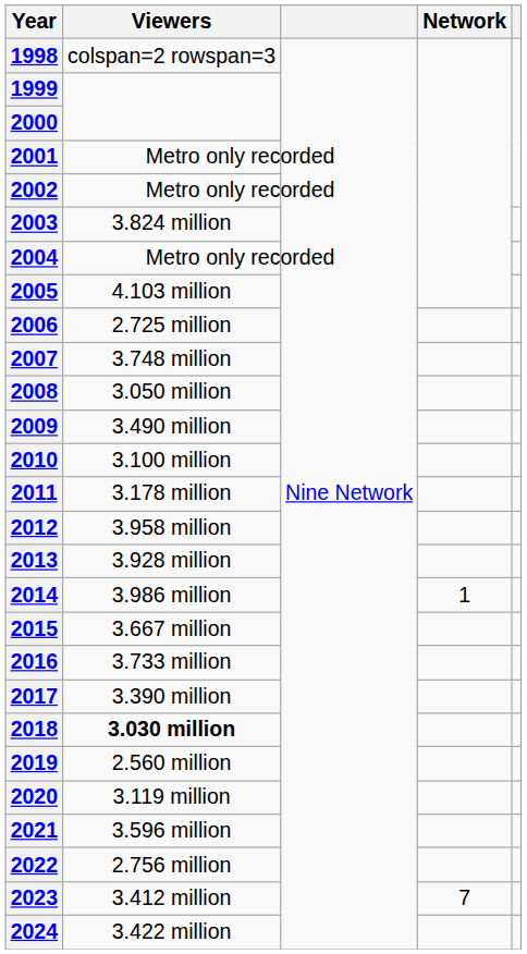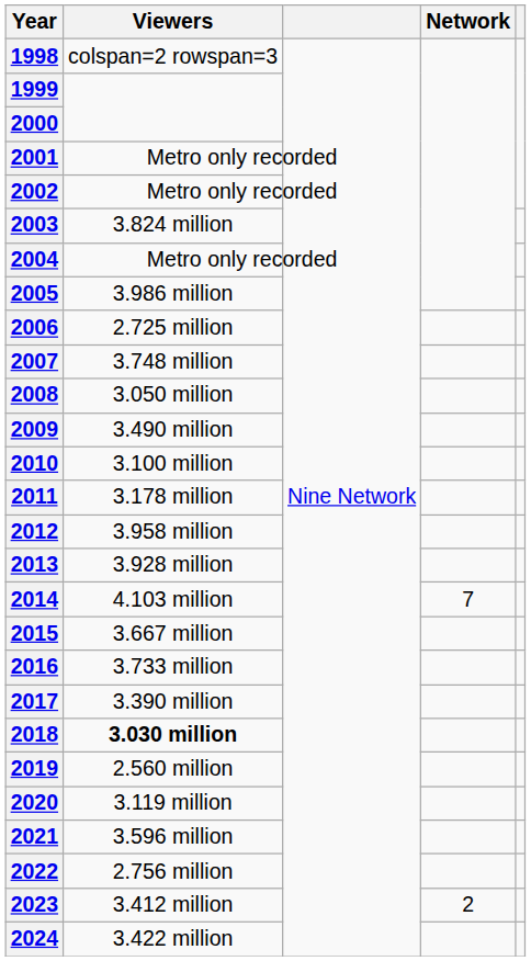 <table class="wikitable plainrowheaders sortable" style="text-align:center; margin:1em;">
 <tr>
 <th>Year</th>
 <th>Viewers</th>
 <th></th>
 <th>Network</th>
 <th></th>
 </tr>
 <tr>
 <th scope="row" style="text-align:center;"><a href='#'>1998</a></th>
 <td>colspan=2 rowspan=3 </td>
 <td rowspan="27"><a href='#'>Nine Network</a></td>
 <td rowspan="8"></td>
 </tr>
 <tr>
 <th scope="row" style="text-align:center;"><a href='#'>1999</a></th>
 </tr>
 <tr>
 <th scope="row" style="text-align:center;"><a href='#'>2000</a></th>
 </tr>
 <tr>
 <th scope="row" style="text-align:center;"><a href='#'>2001</a></th>
 <td colspan="2">Metro only recorded</td>
 </tr>
 <tr>
 <th scope="row" style="text-align:center;"><a href='#'>2002</a></th>
 <td colspan="2">Metro only recorded</td>
 </tr>
 <tr>
 <th scope="row" style="text-align:center;"><a href='#'>2003</a></th>
 <td>3.824 million</td>
 <td></td>
 </tr>
 <tr>
 <th scope="row" style="text-align:center;"><a href='#'>2004</a></th>
 <td colspan="2">Metro only recorded</td>
 </tr>
 <tr>
 <th scope="row" style="text-align:center;"><a href='#'>2005</a></th>
-<td>4.103 million</td>
+<td>3.986 million</td>
 <td></td>
 </tr>
 <tr>
 <th scope="row" style="text-align:center;"><a href='#'>2006</a></th>
 <td>2.725 million</td>
 <td></td>
 <td></td>
 </tr>
 <tr>
 <th scope="row" style="text-align:center;"><a href='#'>2007</a></th>
 <td>3.748 million</td>
 <td></td>
 <td></td>
 </tr>
 <tr>
 <th scope="row" style="text-align:center;"><a href='#'>2008</a></th>
 <td>3.050 million</td>
 <td></td>
 <td></td>
 </tr>
 <tr>
 <th scope="row" style="text-align:center;"><a href='#'>2009</a></th>
 <td>3.490 million</td>
 <td></td>
 <td></td>
 </tr>
 <tr>
 <th scope="row" style="text-align:center;"><a href='#'>2010</a></th>
 <td>3.100 million</td>
 <td></td>
 <td></td>
 </tr>
 <tr>
 <th scope="row" style="text-align:center;"><a href='#'>2011</a></th>
 <td>3.178 million</td>
 <td></td>
 <td></td>
 </tr>
 <tr>
 <th scope="row" style="text-align:center;"><a href='#'>2012</a></th>
 <td>3.958 million</td>
 <td></td>
 <td></td>
 </tr>
 <tr>
 <th scope="row" style="text-align:center;"><a href='#'>2013</a></th>
 <td>3.928 million</td>
 <td></td>
 <td></td>
 </tr>
 <tr>
 <th scope="row" style="text-align:center;"><a href='#'>2014</a></th>
-<td>3.986 million</td>
-<td>1</td>
+<td>4.103 million</td>
+<td>7</td>
 <td></td>
 </tr>
 <tr>
 <th scope="row" style="text-align:center;"><a href='#'>2015</a></th>
 <td>3.667 million</td>
 <td></td>
 <td></td>
 </tr>
 <tr>
 <th scope="row" style="text-align:center;"><a href='#'>2016</a></th>
 <td>3.733 million</td>
 <td></td>
 <td></td>
 </tr>
 <tr>
 <th scope="row" style="text-align:center;"><a href='#'>2017</a></th>
 <td>3.390 million</td>
 <td></td>
 <td></td>
 </tr>
 <tr>
 <th scope="row" style="text-align:center;"><a href='#'>2018</a></th>
 <td><strong>3.030 million</strong></td>
 <td></td>
 <td></td>
 </tr>
 <tr>
 <th scope="row" style="text-align:center;"><a href='#'>2019</a></th>
 <td>2.560 million</td>
 <td></td>
 <td></td>
 </tr>
 <tr>
 <th scope="row" style="text-align:center;"><a href='#'>2020</a></th>
 <td>3.119 million</td>
 <td></td>
 <td></td>
 </tr>
 <tr>
 <th scope="row" style="text-align:center;"><a href='#'>2021</a></th>
 <td>3.596 million</td>
 <td></td>
 <td></td>
 </tr>
 <tr>
 <th scope="row" style="text-align:center;"><a href='#'>2022</a></th>
 <td>2.756 million</td>
 <td></td>
 <td></td>
 </tr>
 <tr>
 <th scope="row" style="text-align:center;"><a href='#'>2023</a></th>
 <td>3.412 million</td>
-<td>7</td>
+<td>2</td>
 <td></td>
 </tr>
 <tr>
 <th scope="row" style="text-align:center;"><a href='#'>2024</a></th>
 <td>3.422 million</td>
 <td></td>
 <td></td>
 </tr>
 </table>
